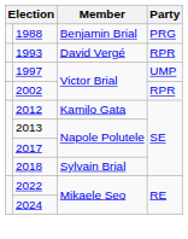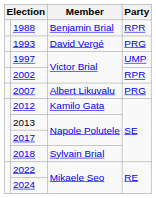 <table class="wikitable">
 <tr>
 <th colspan="2">Election</th>
 <th>Member</th>
 <th>Party</th>
 </tr>
 <tr>
 <td style="color:inherit;background-color: "></td>
 <td><a href='#'>1988</a></td>
 <td><a href='#'>Benjamin Brial</a></td>
-<td><a href='#'>PRG</a></td>
+<td><a href='#'>RPR</a></td>
 </tr>
 <tr>
 <td style="color:inherit;background-color: "></td>
 <td><a href='#'>1993</a></td>
 <td><a href='#'>David Vergé</a></td>
-<td><a href='#'>RPR</a></td>
+<td><a href='#'>PRG</a></td>
 </tr>
 <tr>
 <td style="color:inherit;background-color: "></td>
 <td><a href='#'>1997</a></td>
 <td rowspan="2"><a href='#'>Victor Brial</a></td>
 <td><a href='#'>UMP</a></td>
 </tr>
 <tr>
 <td style="color:inherit;background-color: "></td>
 <td><a href='#'>2002</a></td>
 <td><a href='#'>RPR</a></td>
+</tr>
+<tr>
+<td style="color:inherit;background-color: "></td>
+<td><a href='#'>2007</a></td>
+<td><a href='#'>Albert Likuvalu</a></td>
+<td><a href='#'>PRG</a></td>
 </tr>
 <tr>
 <td rowspan="4" style="color:inherit;background-color: "></td>
 <td><a href='#'>2012</a></td>
 <td><a href='#'>Kamilo Gata</a></td>
 <td rowspan="4"><a href='#'>SE</a></td>
 </tr>
 <tr>
 <td>2013</td>
 <td rowspan="2"><a href='#'>Napole Polutele</a></td>
 </tr>
 <tr>
 <td><a href='#'>2017</a></td>
 </tr>
 <tr>
 <td><a href='#'>2018</a></td>
 <td><a href='#'>Sylvain Brial</a></td>
 </tr>
 <tr>
 <td rowspan="2" style="color:inherit;background-color: "></td>
 <td><a href='#'>2022</a></td>
 <td rowspan="2"><a href='#'>Mikaele Seo</a></td>
 <td rowspan="2"><a href='#'>RE</a></td>
 </tr>
 <tr>
 <td><a href='#'>2024</a></td>
 </tr>
 </table>
